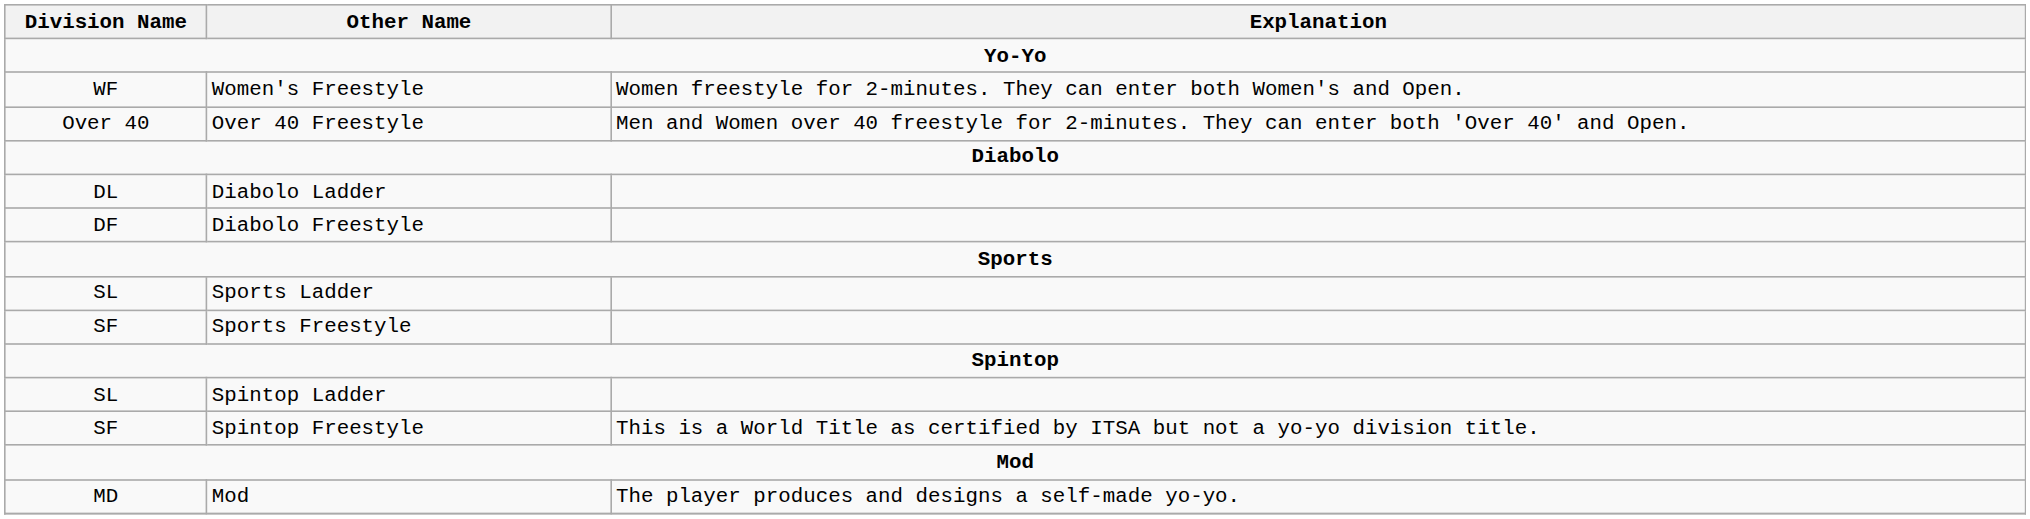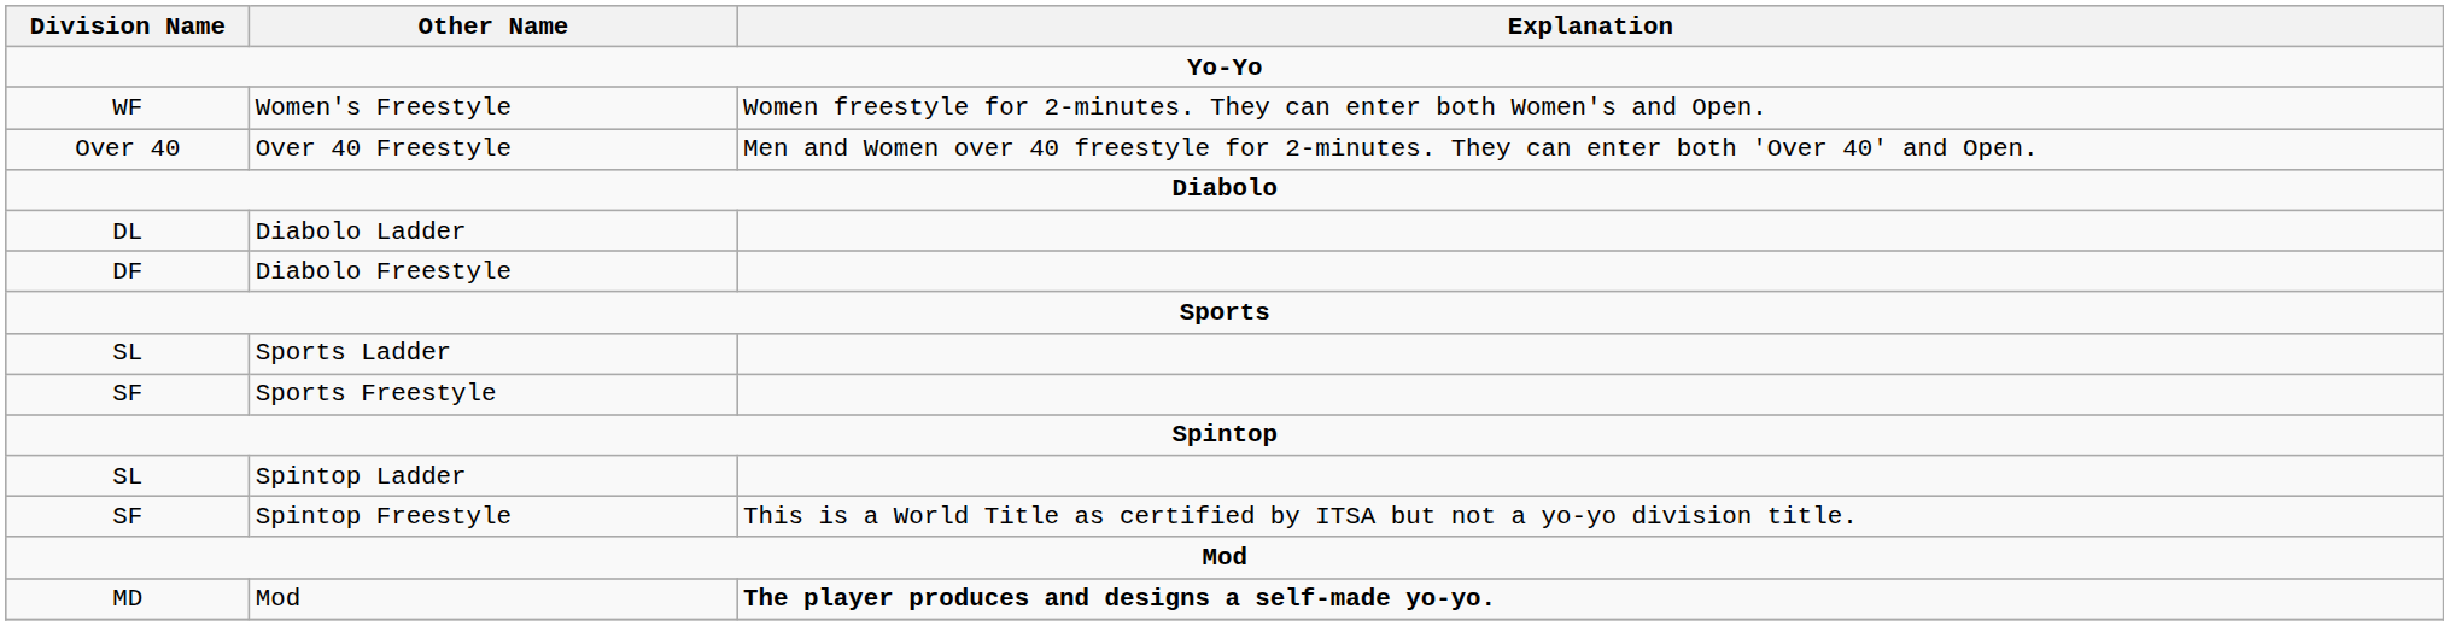 <table class="wikitable" width=100%>
 <tr>
 <th width=10%>Division Name</th>
 <th width=20%>Other Name</th>
 <th width=70%>Explanation</th>
 </tr>
 <tr>
 <td colspan="5" style="text-align: center;"><strong>Yo-Yo</strong></td>
 </tr>
 <tr>
 <td style="text-align: center;">WF</td>
 <td align=left>Women's Freestyle</td>
 <td align=left>Women freestyle for 2-minutes. They can enter both Women's and Open.</td>
 </tr>
 <tr>
 <td style="text-align: center;">Over 40</td>
 <td align=left>Over 40 Freestyle</td>
 <td align=left>Men and Women over 40 freestyle for 2-minutes. They can enter both 'Over 40' and Open.</td>
 </tr>
 <tr>
 <td colspan="5" style="text-align: center;"><strong>Diabolo</strong></td>
 </tr>
 <tr>
 <td style="text-align: center;">DL</td>
 <td align=left>Diabolo Ladder</td>
 <td align=left></td>
 </tr>
 <tr>
 <td style="text-align: center;">DF</td>
 <td align=left>Diabolo Freestyle</td>
 <td align=left></td>
 </tr>
 <tr>
 <td colspan="5" style="text-align: center;"><strong>Sports</strong></td>
 </tr>
 <tr>
 <td style="text-align: center;">SL</td>
 <td align=left>Sports Ladder</td>
 <td align=left></td>
 </tr>
 <tr>
 <td style="text-align: center;">SF</td>
 <td align=left>Sports Freestyle</td>
 <td align=left></td>
 </tr>
 <tr>
 <td colspan="5" style="text-align: center;"><strong>Spintop</strong></td>
 </tr>
 <tr>
 <td style="text-align: center;">SL</td>
 <td align=left>Spintop Ladder</td>
 <td align=left></td>
 </tr>
 <tr>
 <td style="text-align: center;">SF</td>
 <td align=left>Spintop Freestyle</td>
 <td align=left>This is a World Title as certified by ITSA but not a yo-yo division title.</td>
 </tr>
 <tr>
 <td colspan="5" style="text-align: center;"><strong>Mod</strong></td>
 </tr>
 <tr>
 <td style="text-align: center;">MD</td>
 <td align=left>Mod</td>
-<td align=left>The player produces and designs a self-made yo-yo.</td>
+<td align=left><strong>The player produces and designs a self-made yo-yo.</strong></td>
 </tr>
 <tr>
 </tr>
 <tr>
 </tr>
 </table>
